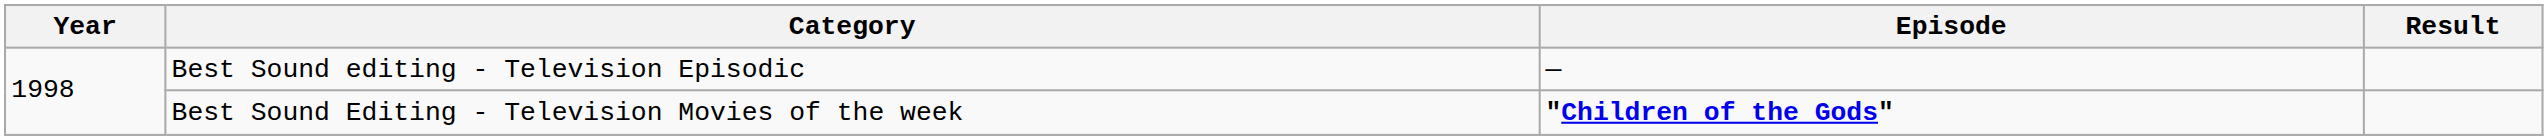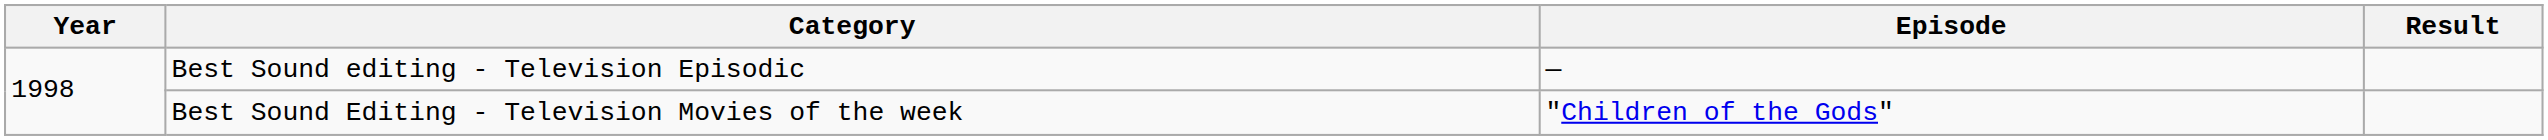 <table class="wikitable">
 <tr>
 <th width="3.5%">Year</th>
 <th width="30%">Category</th>
 <th width="18%">Episode</th>
 <th width="3.5%">Result</th>
 </tr>
 <tr>
 <td rowspan=2>1998</td>
 <td>Best Sound editing - Television Episodic</td>
 <td>—</td>
 <td></td>
 </tr>
 <tr>
 <td>Best Sound Editing - Television Movies of the week</td>
-<td><strong>"<a href='#'>Children of the Gods</a>"</strong></td>
+<td>"<a href='#'>Children of the Gods</a>"</td>
 <td></td>
 </tr>
 </table>
